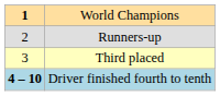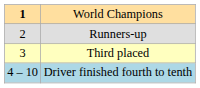 <table class="wikitable" align="center">
 <tr align="center">
 <td style="background:#ffdf9f;"><strong>1</strong></td>
 <td style="background:#ffdf9f;">World Champions</td>
 </tr>
 <tr align="center">
 <td style="background:#dfdfdf;">2</td>
 <td style="background:#dfdfdf;">Runners-up</td>
 </tr>
 <tr align="center">
 <td style="background:#ffffbf;">3</td>
 <td style="background:#ffffbf;">Third placed</td>
 </tr>
 <tr align="center">
-<td style="background:lightblue;"><strong>4 – 10</strong></td>
+<td style="background:lightblue;">4 – 10</td>
 <td style="background:lightblue;">Driver finished fourth to tenth</td>
 </tr>
 </table>
